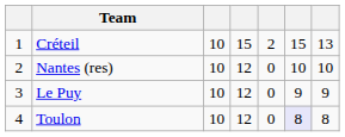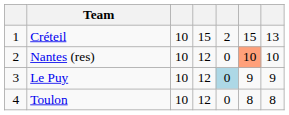 <table class="wikitable" style="text-align: center;">
 <tr>
 <th width=20></th>
 <th width=165>Team</th>
 <th width=20></th>
 <th width=20></th>
 <th width=20></th>
 <th width=20></th>
 <th width=20></th>
 </tr>
 <tr>
 <td>1</td>
 <td align=left><a href='#'>Créteil</a></td>
 <td>10</td>
 <td>15</td>
 <td>2</td>
 <td>15</td>
 <td>13</td>
 </tr>
 <tr>
 <td>2</td>
 <td align=left><a href='#'>Nantes</a> (res)</td>
 <td>10</td>
 <td>12</td>
 <td>0</td>
-<td>10</td>
+<td style="background: lightsalmon;">10</td>
 <td>10</td>
 </tr>
 <tr>
 <td>3</td>
 <td align=left><a href='#'>Le Puy</a></td>
 <td>10</td>
 <td>12</td>
-<td>0</td>
+<td style="background: lightblue;">0</td>
 <td>9</td>
 <td>9</td>
 </tr>
 <tr>
 <td>4</td>
 <td align=left><a href='#'>Toulon</a></td>
 <td>10</td>
 <td>12</td>
 <td>0</td>
-<td style="background: lavender;">8</td>
+<td>8</td>
 <td>8</td>
 </tr>
 </table>
